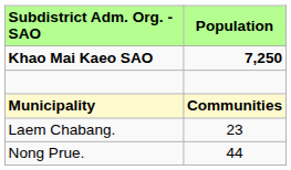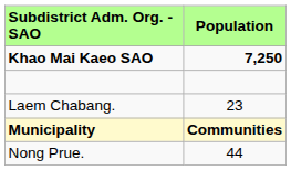 <table class="wikitable" style="width:48%; display:inline-table;">
 <tr>
 <td style= "background: #b4ff90;"><strong>Subdistrict Adm. Org. - SAO</strong></td>
 <td style= "background: #b4ff90; text-align:center;"><strong>Population</strong></td>
 </tr>
 <tr>
 <td><strong>Khao Mai Kaeo SAO</strong></td>
 <td style="text-align:right;"><strong>7,250</strong></td>
 </tr>
 <tr>
 <td> </td>
 <td> </td>
 </tr>
 <tr>
+<td>Laem Chabang.</td>
+<td style="text-align:center;">23</td>
+</tr>
+<tr>
 <td style= "background: #fffacd;"><strong>Municipality</strong></td>
 <td style= "background: #fffacd; text-align:center;"><strong>Communities</strong></td>
-</tr>
-<tr>
-<td>Laem Chabang.</td>
-<td style="text-align:center;">23</td>
 </tr>
 <tr>
 <td>Nong Prue.</td>
 <td style="text-align:center;">44</td>
 </tr>
 </table>
